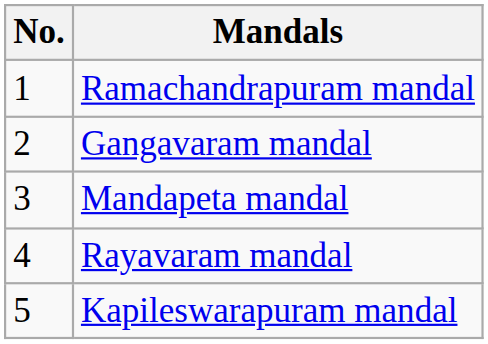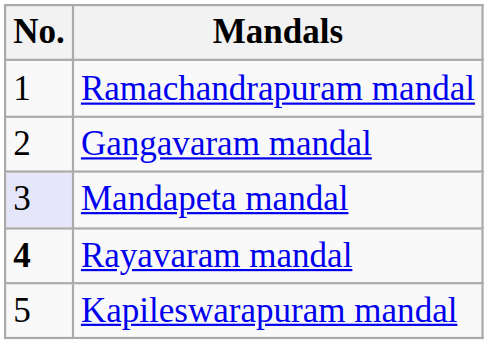 <table class="wikitable">
 <tr>
 <th>No.</th>
 <th>Mandals</th>
 </tr>
 <tr>
 <td>1</td>
 <td><a href='#'>Ramachandrapuram mandal</a></td>
 </tr>
 <tr>
 <td>2</td>
 <td><a href='#'>Gangavaram mandal</a></td>
 </tr>
 <tr>
-<td>3</td>
+<td style="background: lavender;">3</td>
 <td><a href='#'>Mandapeta mandal</a></td>
 </tr>
 <tr>
-<td>4</td>
+<td><strong>4</strong></td>
 <td><a href='#'>Rayavaram mandal</a></td>
 </tr>
 <tr>
 <td>5</td>
 <td><a href='#'>Kapileswarapuram mandal</a></td>
 </tr>
 </table>
